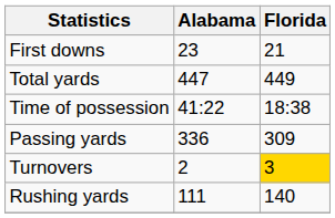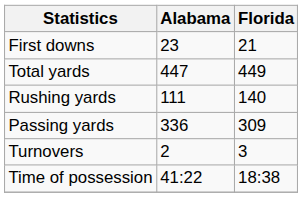 <table class="wikitable" style="float: left;">
 <tr>
 <th>Statistics</th>
 <th>Alabama</th>
 <th>Florida</th>
 </tr>
 <tr>
 <td>First downs</td>
 <td>23</td>
 <td>21</td>
 </tr>
 <tr>
 <td>Total yards</td>
 <td>447</td>
 <td>449</td>
 </tr>
 <tr>
-<td>Time of possession</td>
-<td>41:22</td>
-<td>18:38</td>
+<td>Rushing yards</td>
+<td>111</td>
+<td>140</td>
 </tr>
 <tr>
 <td>Passing yards</td>
 <td>336</td>
 <td>309</td>
 </tr>
 <tr>
 <td>Turnovers</td>
 <td>2</td>
-<td style="background: gold;">3</td>
+<td>3</td>
 </tr>
 <tr>
-<td>Rushing yards</td>
-<td>111</td>
-<td>140</td>
+<td>Time of possession</td>
+<td>41:22</td>
+<td>18:38</td>
 </tr>
 <tr>
 </tr>
 </table>
